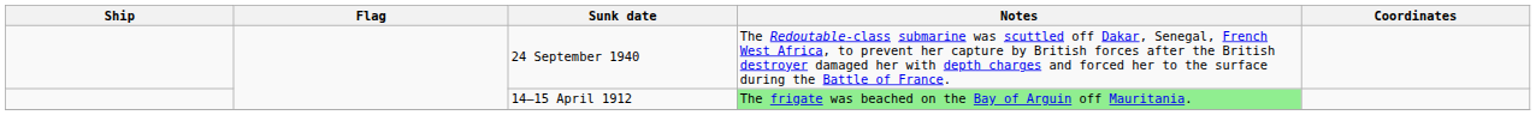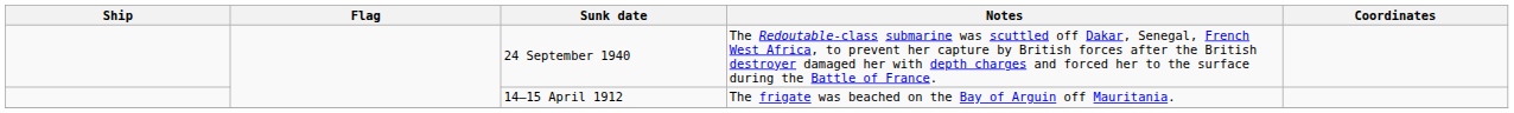 <table class="wikitable sortable" style="width:100%" |>
 <tr>
 <th style="width:15%">Ship</th>
 <th style="width:18%">Flag</th>
 <th style="width:15%">Sunk date</th>
 <th style="width:37%">Notes</th>
 <th style="width:15%">Coordinates</th>
 </tr>
 <tr>
 <td></td>
 <td rowspan="2"></td>
 <td>24 September 1940</td>
 <td>The <a href='#'><em>Redoutable</em>-class</a> <a href='#'>submarine</a> was <a href='#'>scuttled</a> off <a href='#'>Dakar</a>, Senegal, <a href='#'>French West Africa</a>, to prevent her capture by British forces after the British <a href='#'>destroyer</a>  damaged her with <a href='#'>depth charges</a> and forced her to the surface during the <a href='#'>Battle of France</a>.</td>
 <td></td>
 </tr>
 <tr>
 <td></td>
 <td>14–15 April 1912</td>
-<td style="background: lightgreen;">The <a href='#'>frigate</a> was beached on the <a href='#'>Bay of Arguin</a> off <a href='#'>Mauritania</a>.</td>
+<td>The <a href='#'>frigate</a> was beached on the <a href='#'>Bay of Arguin</a> off <a href='#'>Mauritania</a>.</td>
 <td></td>
 </tr>
 <tr>
 </tr>
 </table>
